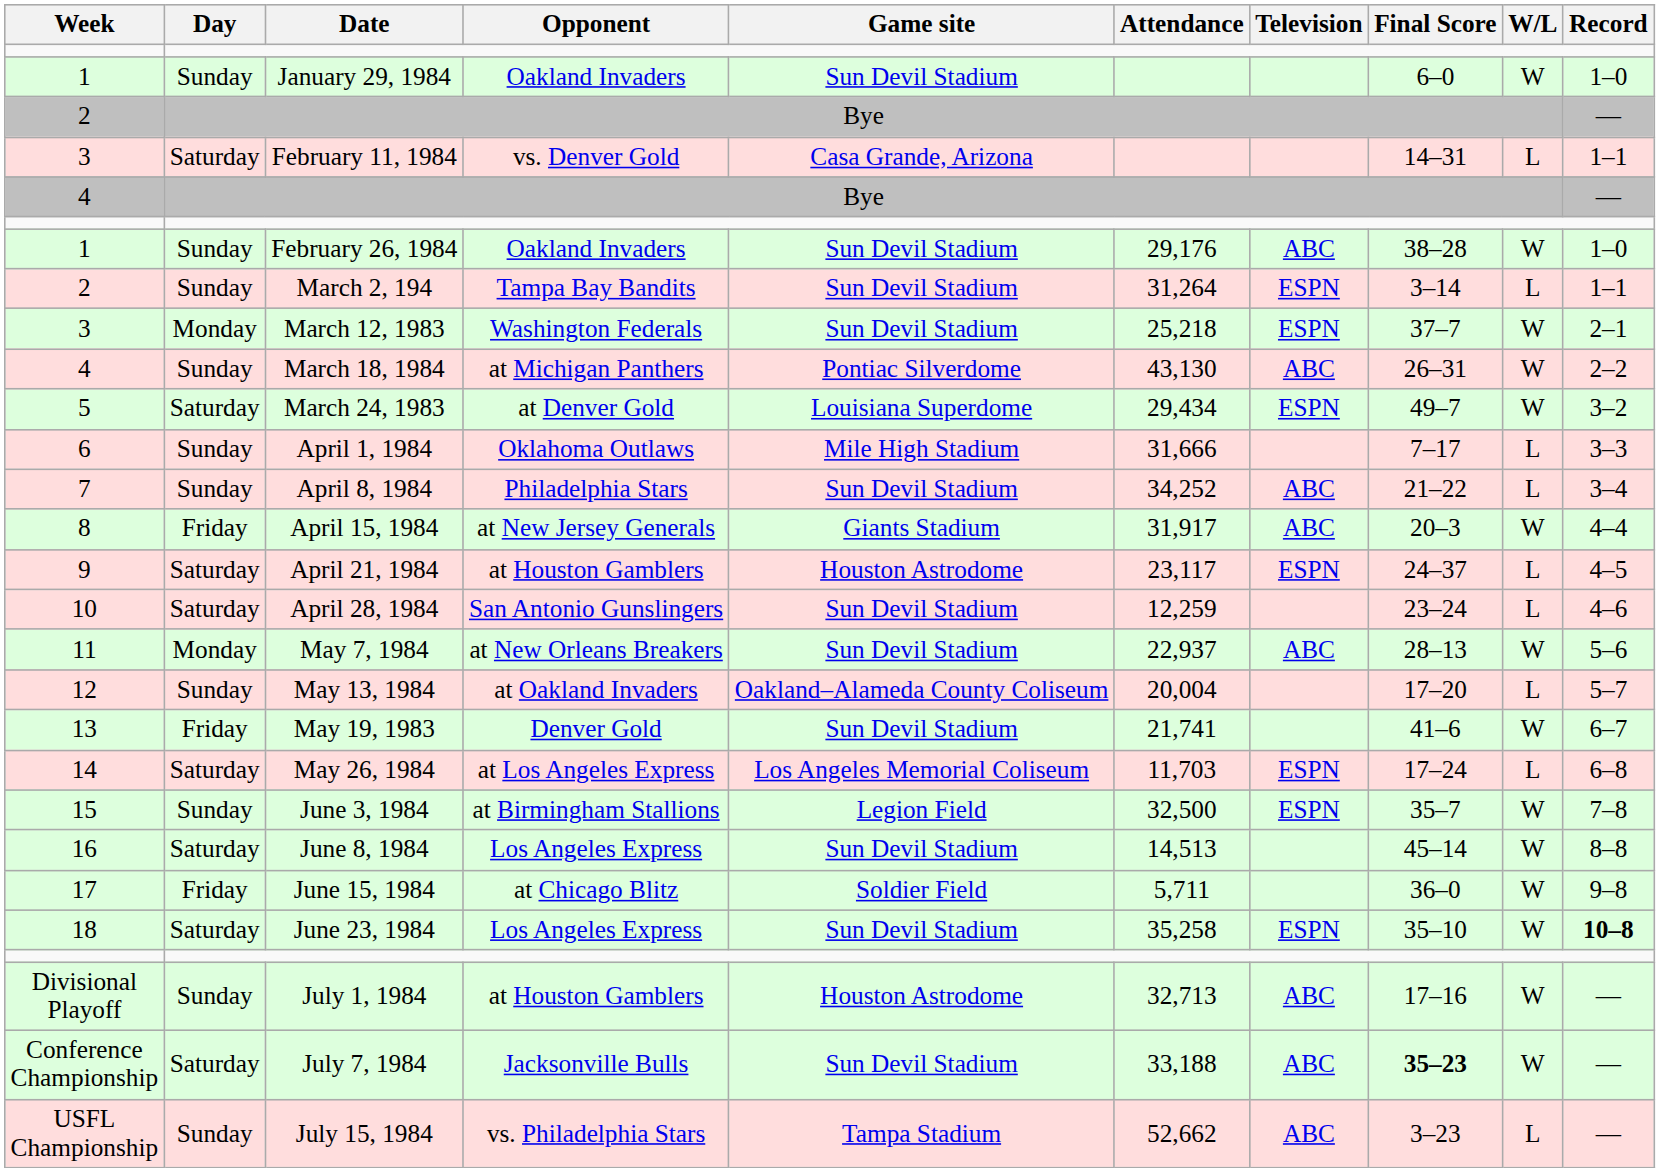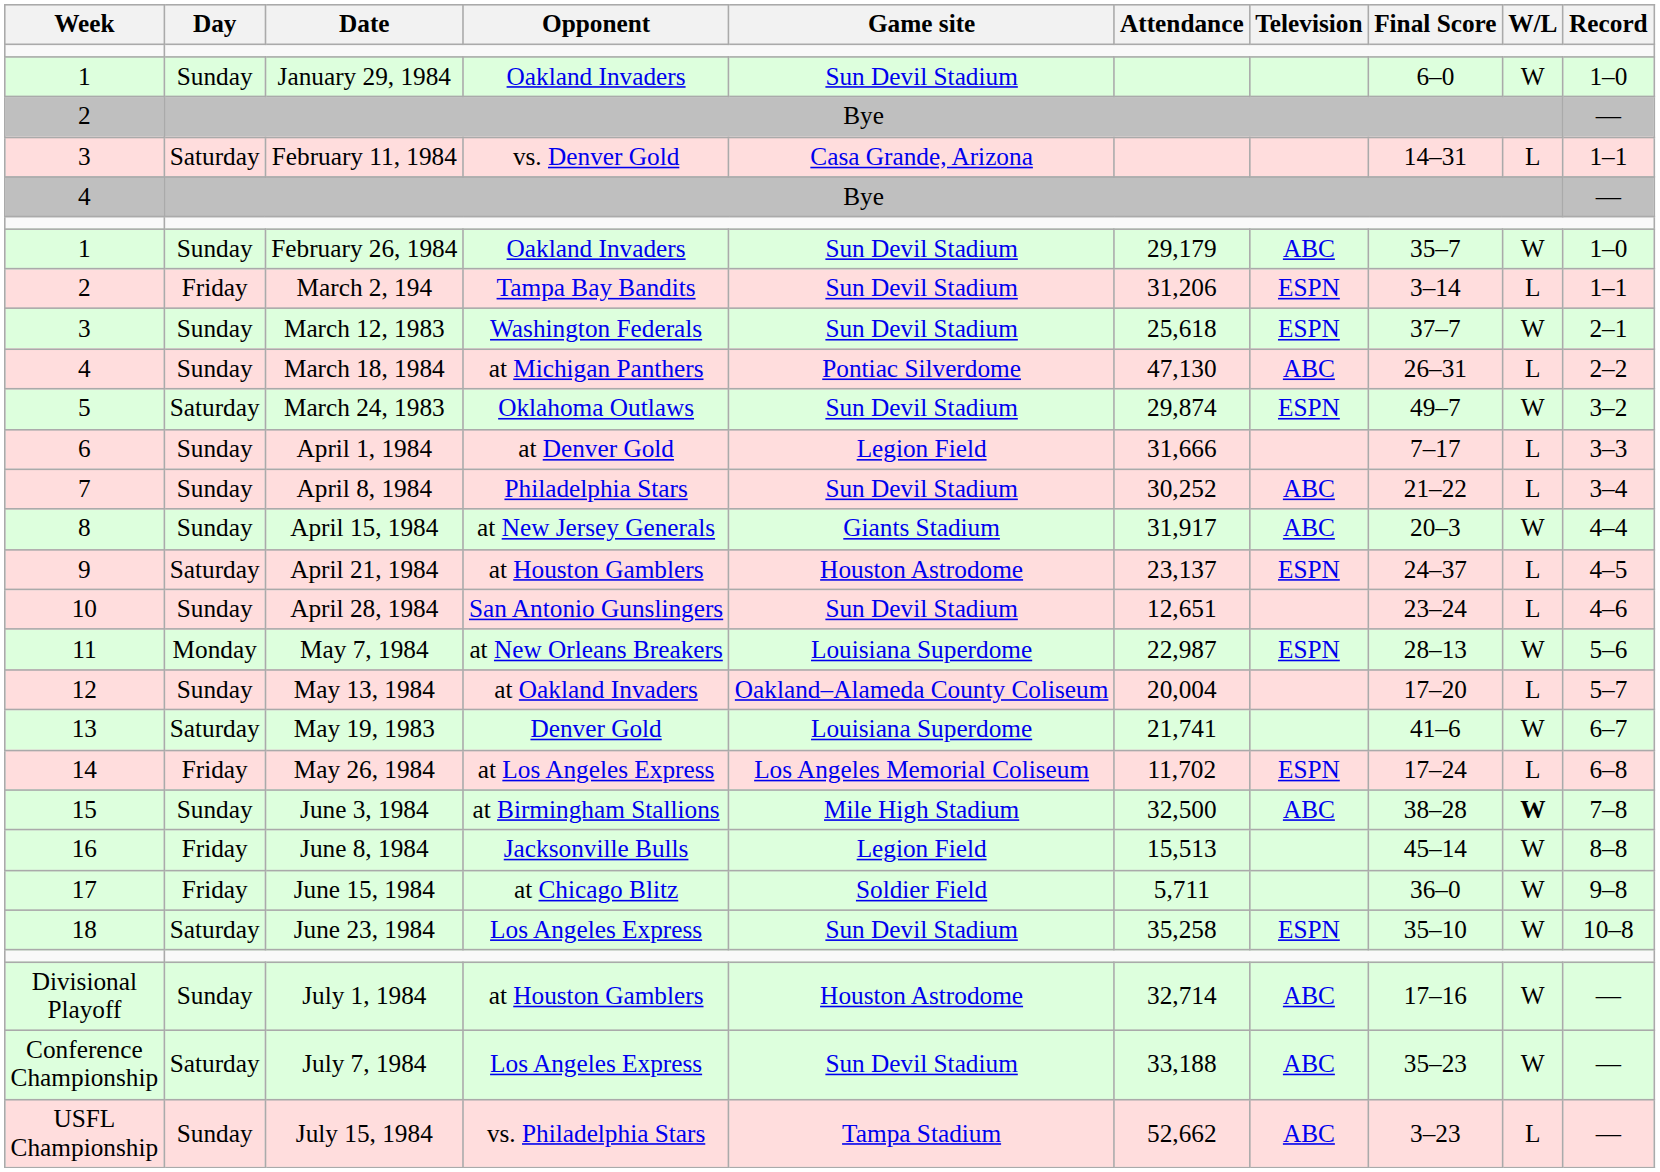 <table class="wikitable">
 <tr>
 <th>Week</th>
 <th>Day</th>
 <th>Date</th>
 <th>Opponent</th>
 <th>Game site</th>
 <th>Attendance</th>
 <th>Television</th>
 <th>Final Score</th>
 <th>W/L</th>
 <th>Record</th>
 </tr>
 <tr style="text-align:center;">
 <td></td>
 </tr>
 <tr style="text-align:center;background: #dfd;">
 <td>1</td>
 <td>Sunday</td>
 <td>January 29, 1984</td>
 <td><a href='#'>Oakland Invaders</a></td>
 <td><a href='#'>Sun Devil Stadium</a></td>
 <td></td>
 <td></td>
 <td>6–0</td>
 <td>W</td>
 <td>1–0</td>
 </tr>
 <tr style="text-align:center; background:#BFBFBF;">
 <td>2</td>
 <td colspan=8>Bye</td>
 <td>—</td>
 </tr>
 <tr style="text-align:center; background: #fdd;">
 <td>3</td>
 <td>Saturday</td>
 <td>February 11, 1984</td>
 <td>vs. <a href='#'>Denver Gold</a></td>
 <td><a href='#'>Casa Grande, Arizona</a></td>
 <td></td>
 <td></td>
 <td>14–31</td>
 <td>L</td>
 <td>1–1</td>
 </tr>
 <tr style="text-align:center; background:#BFBFBF;">
 <td>4</td>
 <td colspan=8>Bye</td>
 <td>—</td>
 </tr>
 <tr style="text-align:center;">
 <td></td>
 </tr>
 <tr style="text-align:center; background: #dfd;">
 <td>1</td>
 <td>Sunday</td>
 <td>February 26, 1984</td>
 <td><a href='#'>Oakland Invaders</a></td>
 <td><a href='#'>Sun Devil Stadium</a></td>
-<td>29,176</td>
+<td>29,179</td>
 <td><a href='#'>ABC</a></td>
-<td>38–28</td>
+<td>35–7</td>
 <td>W</td>
 <td>1–0</td>
 </tr>
 <tr style="text-align:center; background: #fdd;">
 <td>2</td>
-<td>Sunday</td>
+<td>Friday</td>
 <td>March 2, 194</td>
 <td><a href='#'>Tampa Bay Bandits</a></td>
 <td><a href='#'>Sun Devil Stadium</a></td>
-<td>31,264</td>
+<td>31,206</td>
 <td><a href='#'>ESPN</a></td>
 <td>3–14</td>
 <td>L</td>
 <td>1–1</td>
 </tr>
 <tr style="text-align:center; background: #dfd;">
 <td>3</td>
-<td>Monday</td>
+<td>Sunday</td>
 <td>March 12, 1983</td>
 <td><a href='#'>Washington Federals</a></td>
 <td><a href='#'>Sun Devil Stadium</a></td>
-<td>25,218</td>
+<td>25,618</td>
 <td><a href='#'>ESPN</a></td>
 <td>37–7</td>
 <td>W</td>
 <td>2–1</td>
 </tr>
 <tr style="text-align:center; background: #fdd;">
 <td>4</td>
 <td>Sunday</td>
 <td>March 18, 1984</td>
 <td>at <a href='#'>Michigan Panthers</a></td>
 <td><a href='#'>Pontiac Silverdome</a></td>
-<td>43,130</td>
+<td>47,130</td>
 <td><a href='#'>ABC</a></td>
 <td>26–31</td>
-<td>W</td>
+<td>L</td>
 <td>2–2</td>
 </tr>
 <tr style="text-align:center; background: #dfd;">
 <td>5</td>
 <td>Saturday</td>
 <td>March 24, 1983</td>
-<td>at <a href='#'>Denver Gold</a></td>
-<td><a href='#'>Louisiana Superdome</a></td>
-<td>29,434</td>
+<td><a href='#'>Oklahoma Outlaws</a></td>
+<td><a href='#'>Sun Devil Stadium</a></td>
+<td>29,874</td>
 <td><a href='#'>ESPN</a></td>
 <td>49–7</td>
 <td>W</td>
 <td>3–2</td>
 </tr>
 <tr style="text-align:center; background: #fdd;">
 <td>6</td>
 <td>Sunday</td>
 <td>April 1, 1984</td>
-<td><a href='#'>Oklahoma Outlaws</a></td>
-<td><a href='#'>Mile High Stadium</a></td>
+<td>at <a href='#'>Denver Gold</a></td>
+<td><a href='#'>Legion Field</a></td>
 <td>31,666</td>
 <td></td>
 <td>7–17</td>
 <td>L</td>
 <td>3–3</td>
 </tr>
 <tr style="text-align:center; background: #fdd;">
 <td>7</td>
 <td>Sunday</td>
 <td>April 8, 1984</td>
 <td><a href='#'>Philadelphia Stars</a></td>
 <td><a href='#'>Sun Devil Stadium</a></td>
-<td>34,252</td>
+<td>30,252</td>
 <td><a href='#'>ABC</a></td>
 <td>21–22</td>
 <td>L</td>
 <td>3–4</td>
 </tr>
 <tr style="text-align:center; background: #dfd;">
 <td>8</td>
-<td>Friday</td>
+<td>Sunday</td>
 <td>April 15, 1984</td>
 <td>at <a href='#'>New Jersey Generals</a></td>
 <td><a href='#'>Giants Stadium</a></td>
 <td>31,917</td>
 <td><a href='#'>ABC</a></td>
 <td>20–3</td>
 <td>W</td>
 <td>4–4</td>
 </tr>
 <tr style="text-align:center; background: #fdd;">
 <td>9</td>
 <td>Saturday</td>
 <td>April 21, 1984</td>
 <td>at <a href='#'>Houston Gamblers</a></td>
 <td><a href='#'>Houston Astrodome</a></td>
-<td>23,117</td>
+<td>23,137</td>
 <td><a href='#'>ESPN</a></td>
 <td>24–37</td>
 <td>L</td>
 <td>4–5</td>
 </tr>
 <tr style="text-align:center; background: #fdd;">
 <td>10</td>
-<td>Saturday</td>
+<td>Sunday</td>
 <td>April 28, 1984</td>
 <td><a href='#'>San Antonio Gunslingers</a></td>
 <td><a href='#'>Sun Devil Stadium</a></td>
-<td>12,259</td>
+<td>12,651</td>
 <td></td>
 <td>23–24</td>
 <td>L</td>
 <td>4–6</td>
 </tr>
 <tr style="text-align:center; background: #dfd;">
 <td>11</td>
 <td>Monday</td>
 <td>May 7, 1984</td>
 <td>at <a href='#'>New Orleans Breakers</a></td>
-<td><a href='#'>Sun Devil Stadium</a></td>
-<td>22,937</td>
-<td><a href='#'>ABC</a></td>
+<td><a href='#'>Louisiana Superdome</a></td>
+<td>22,987</td>
+<td><a href='#'>ESPN</a></td>
 <td>28–13</td>
 <td>W</td>
 <td>5–6</td>
 </tr>
 <tr style="text-align:center; background: #fdd;">
 <td>12</td>
 <td>Sunday</td>
 <td>May 13, 1984</td>
 <td>at <a href='#'>Oakland Invaders</a></td>
 <td><a href='#'>Oakland–Alameda County Coliseum</a></td>
 <td>20,004</td>
 <td></td>
 <td>17–20</td>
 <td>L</td>
 <td>5–7</td>
 </tr>
 <tr style="text-align:center; background: #dfd;">
 <td>13</td>
-<td>Friday</td>
+<td>Saturday</td>
 <td>May 19, 1983</td>
 <td><a href='#'>Denver Gold</a></td>
-<td><a href='#'>Sun Devil Stadium</a></td>
+<td><a href='#'>Louisiana Superdome</a></td>
 <td>21,741</td>
 <td></td>
 <td>41–6</td>
 <td>W</td>
 <td>6–7</td>
 </tr>
 <tr style="text-align:center; background: #fdd;">
 <td>14</td>
-<td>Saturday</td>
+<td>Friday</td>
 <td>May 26, 1984</td>
 <td>at <a href='#'>Los Angeles Express</a></td>
 <td><a href='#'>Los Angeles Memorial Coliseum</a></td>
-<td>11,703</td>
+<td>11,702</td>
 <td><a href='#'>ESPN</a></td>
 <td>17–24</td>
 <td>L</td>
 <td>6–8</td>
 </tr>
 <tr style="text-align:center; background: #dfd;">
 <td>15</td>
 <td>Sunday</td>
 <td>June 3, 1984</td>
 <td>at <a href='#'>Birmingham Stallions</a></td>
-<td><a href='#'>Legion Field</a></td>
+<td><a href='#'>Mile High Stadium</a></td>
 <td>32,500</td>
-<td><a href='#'>ESPN</a></td>
-<td>35–7</td>
-<td>W</td>
+<td><a href='#'>ABC</a></td>
+<td>38–28</td>
+<td><strong>W</strong></td>
 <td>7–8</td>
 </tr>
 <tr style="text-align:center; background: #dfd;">
 <td>16</td>
-<td>Saturday</td>
+<td>Friday</td>
 <td>June 8, 1984</td>
-<td><a href='#'>Los Angeles Express</a></td>
-<td><a href='#'>Sun Devil Stadium</a></td>
-<td>14,513</td>
+<td><a href='#'>Jacksonville Bulls</a></td>
+<td><a href='#'>Legion Field</a></td>
+<td>15,513</td>
 <td></td>
 <td>45–14</td>
 <td>W</td>
 <td>8–8</td>
 </tr>
 <tr style="text-align:center; background: #dfd;">
 <td>17</td>
 <td>Friday</td>
 <td>June 15, 1984</td>
 <td>at <a href='#'>Chicago Blitz</a></td>
 <td><a href='#'>Soldier Field</a></td>
 <td>5,711</td>
 <td></td>
 <td>36–0</td>
 <td>W</td>
 <td>9–8</td>
 </tr>
 <tr style="text-align:center; background: #dfd;">
 <td>18</td>
 <td>Saturday</td>
 <td>June 23, 1984</td>
 <td><a href='#'>Los Angeles Express</a></td>
 <td><a href='#'>Sun Devil Stadium</a></td>
 <td>35,258</td>
 <td><a href='#'>ESPN</a></td>
 <td>35–10</td>
 <td>W</td>
-<td><strong>10–8</strong></td>
+<td>10–8</td>
 </tr>
 <tr style="text-align:center;">
 <td></td>
 </tr>
 <tr style="text-align:center; background: #dfd;">
 <td>Divisional<br>Playoff</td>
 <td>Sunday</td>
 <td>July 1, 1984</td>
 <td>at <a href='#'>Houston Gamblers</a></td>
 <td><a href='#'>Houston Astrodome</a></td>
-<td>32,713</td>
+<td>32,714</td>
 <td><a href='#'>ABC</a></td>
 <td>17–16</td>
 <td>W</td>
 <td>—</td>
 </tr>
 <tr style="text-align:center; background: #dfd;">
 <td>Conference<br>Championship</td>
 <td>Saturday</td>
 <td>July 7, 1984</td>
-<td><a href='#'>Jacksonville Bulls</a></td>
+<td><a href='#'>Los Angeles Express</a></td>
 <td><a href='#'>Sun Devil Stadium</a></td>
 <td>33,188</td>
 <td><a href='#'>ABC</a></td>
-<td><strong>35–23</strong></td>
+<td>35–23</td>
 <td>W</td>
 <td>—</td>
 </tr>
 <tr style="text-align:center; background: #fdd;">
 <td>USFL<br>Championship</td>
 <td>Sunday</td>
 <td>July 15, 1984</td>
 <td>vs. <a href='#'>Philadelphia Stars</a></td>
 <td><a href='#'>Tampa Stadium</a></td>
 <td>52,662</td>
 <td><a href='#'>ABC</a></td>
 <td>3–23</td>
 <td>L</td>
 <td>—</td>
 </tr>
 </table>
